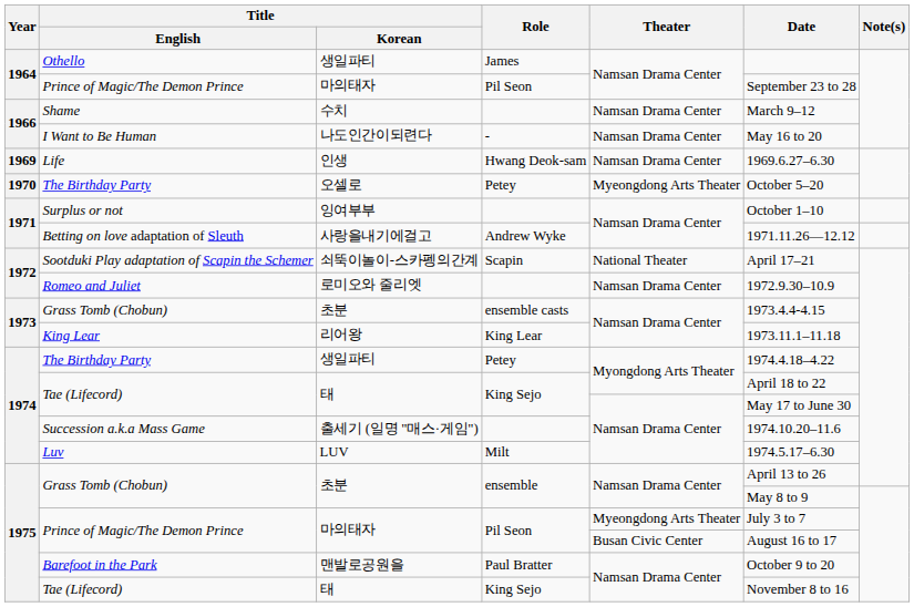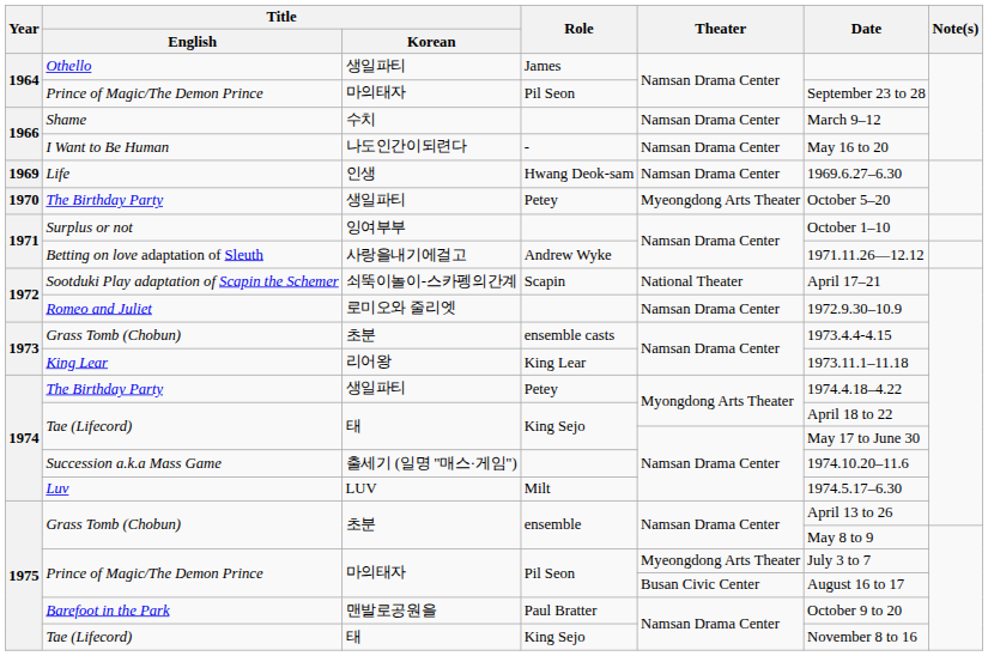 <table Class="wikitable sortable plainrowheaders" style="clear:none; font-size:100%;">
 <tr>
 <th scope="col" rowspan="2">Year</th>
 <th scope="col" colspan="2">Title</th>
 <th scope="col" rowspan="2">Role</th>
 <th scope="col" rowspan="2">Theater</th>
 <th scope="col" rowspan="2">Date</th>
 <th scope="col" rowspan="2">Note(s)</th>
 </tr>
 <tr>
 <th>English</th>
 <th>Korean</th>
 </tr>
 <tr>
 <th scope="row" rowspan="2">1964</th>
 <td><em><a href='#'>Othello</a></em></td>
 <td>생일파티</td>
 <td>James</td>
 <td rowspan="2">Namsan Drama Center</td>
 <td></td>
 <td rowspan="4"></td>
 </tr>
 <tr>
 <td><em>Prince of Magic/The Demon Prince</em></td>
 <td>마의태자</td>
 <td>Pil Seon</td>
 <td>September 23 to 28</td>
 </tr>
 <tr>
 <th scope="row" rowspan="2">1966</th>
 <td><em>Shame</em></td>
 <td>수치</td>
 <td></td>
 <td>Namsan Drama Center</td>
 <td>March 9–12</td>
 </tr>
 <tr>
 <td><em>I Want to Be Human</em></td>
 <td>나도인간이되련다</td>
 <td>-</td>
 <td>Namsan Drama Center</td>
 <td>May 16 to 20</td>
 </tr>
 <tr>
 <th scope="row" rowspan="1">1969</th>
 <td><em>Life</em></td>
 <td>인생</td>
 <td>Hwang Deok-sam</td>
 <td>Namsan Drama Center</td>
 <td>1969.6.27–6.30</td>
 <td rowspan="2"></td>
 </tr>
 <tr>
 <th scope="row" rowspan="1">1970</th>
 <td><em><a href='#'>The Birthday Party</a></em></td>
-<td>오셀로</td>
+<td>생일파티</td>
 <td>Petey</td>
 <td>Myeongdong Arts Theater</td>
 <td>October 5–20</td>
 </tr>
 <tr>
 <th scope="row" rowspan="2">1971</th>
 <td><em>Surplus or not</em></td>
 <td>잉여부부</td>
 <td></td>
 <td rowspan="2">Namsan Drama Center</td>
 <td>October 1–10</td>
 <td></td>
 </tr>
 <tr>
 <td><em>Betting on love</em> adaptation of <a href='#'>Sleuth</a></td>
 <td>사랑을내기에걸고</td>
 <td>Andrew Wyke</td>
 <td>1971.11.26—12.12</td>
 <td></td>
 </tr>
 <tr>
 <th scope="row" rowspan="2">1972</th>
 <td><em>Sootduki Play adaptation of <a href='#'>Scapin the Schemer</a></em></td>
 <td>쇠뚝이놀이-스카펭의간계</td>
 <td>Scapin</td>
 <td>National Theater</td>
 <td>April 17–21</td>
 <td rowspan="10"></td>
 </tr>
 <tr>
 <td><em><a href='#'>Romeo and Juliet</a></em></td>
 <td>로미오와 줄리엣</td>
 <td></td>
 <td>Namsan Drama Center</td>
 <td>1972.9.30–10.9</td>
 </tr>
 <tr>
 <th scope="row" rowspan="2">1973</th>
 <td><em>Grass Tomb (Chobun)</em></td>
 <td>초분</td>
 <td>ensemble casts</td>
 <td rowspan="2">Namsan Drama Center</td>
 <td>1973.4.4-4.15</td>
 </tr>
 <tr>
 <td><em><a href='#'>King Lear</a></em></td>
 <td>리어왕</td>
 <td>King Lear</td>
 <td>1973.11.1–11.18</td>
 </tr>
 <tr>
 <th scope="row" rowspan="5">1974</th>
 <td><em><a href='#'>The Birthday Party</a></em></td>
 <td>생일파티</td>
 <td>Petey</td>
 <td rowspan="2">Myongdong Arts Theater</td>
 <td>1974.4.18–4.22</td>
 </tr>
 <tr>
 <td rowspan="2"><em>Tae (Lifecord)</em></td>
 <td rowspan="2">태</td>
 <td rowspan="2">King Sejo</td>
 <td>April 18 to 22</td>
 </tr>
 <tr>
 <td rowspan="3">Namsan Drama Center</td>
 <td>May 17 to June 30</td>
 </tr>
 <tr>
 <td><em>Succession a.k.a Mass Game</em></td>
 <td>출세기  (일명 "매스·게임")</td>
 <td></td>
 <td>1974.10.20–11.6</td>
 </tr>
 <tr>
 <td><em><a href='#'>Luv</a></em></td>
 <td>LUV</td>
 <td>Milt</td>
 <td>1974.5.17–6.30</td>
 </tr>
 <tr>
 <th scope="row" rowspan="6">1975</th>
 <td rowspan="2"><em>Grass Tomb (Chobun)</em></td>
 <td rowspan="2">초분</td>
 <td rowspan="2">ensemble</td>
 <td rowspan="2">Namsan Drama Center</td>
 <td>April 13 to 26</td>
 </tr>
 <tr>
 <td>May 8 to 9</td>
 <td rowspan="5"></td>
 </tr>
 <tr>
 <td rowspan="2"><em>Prince of Magic/The Demon Prince</em></td>
 <td rowspan="2">마의태자</td>
 <td rowspan="2">Pil Seon</td>
 <td>Myeongdong Arts Theater</td>
 <td>July 3 to 7</td>
 </tr>
 <tr>
 <td>Busan Civic Center</td>
 <td>August 16 to 17</td>
 </tr>
 <tr>
 <td><em><a href='#'>Barefoot in the Park</a></em></td>
 <td>맨발로공원을</td>
 <td>Paul Bratter</td>
 <td rowspan="2">Namsan Drama Center</td>
 <td>October 9 to 20</td>
 </tr>
 <tr>
 <td><em>Tae (Lifecord)</em></td>
 <td>태</td>
 <td>King Sejo</td>
 <td>November 8 to 16</td>
 </tr>
 </table>
